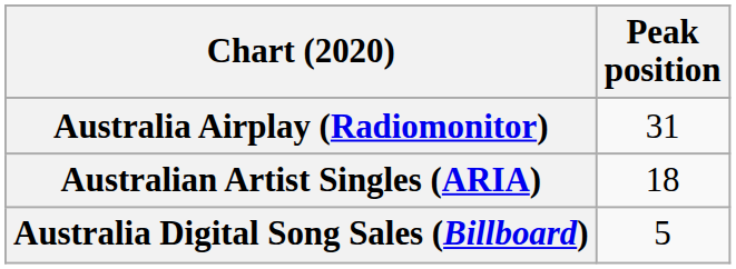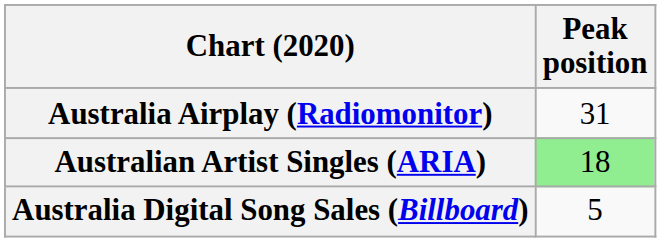 <table class="wikitable plainrowheaders" style="text-align:center">
 <tr>
 <th scope="col">Chart (2020)</th>
 <th scope="col">Peak<br>position</th>
 </tr>
 <tr>
 <th scope="row">Australia Airplay (<a href='#'>Radiomonitor</a>)</th>
 <td>31</td>
 </tr>
 <tr>
 <th scope="row">Australian Artist Singles (<a href='#'>ARIA</a>)</th>
-<td>18</td>
+<td style="background: lightgreen;">18</td>
 </tr>
 <tr>
 <th scope="row">Australia Digital Song Sales (<em><a href='#'>Billboard</a></em>)</th>
 <td>5</td>
 </tr>
 </table>
